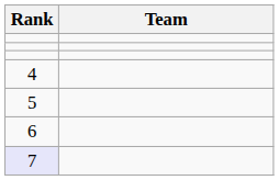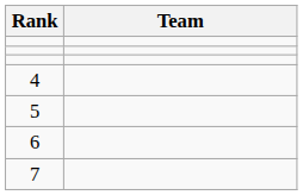 <table class="wikitable" style="text-align:center;">
 <tr>
 <th width=40>Rank</th>
 <th width=180>Team</th>
 </tr>
 <tr>
 <td></td>
 <td style="text-align:left;"></td>
 </tr>
 <tr>
 <td></td>
 <td style="text-align:left;"></td>
 </tr>
 <tr>
 <td></td>
 <td style="text-align:left;"></td>
 </tr>
 <tr>
 <td>4</td>
 <td style="text-align:left;"></td>
 </tr>
 <tr>
 <td>5</td>
 <td style="text-align:left;"></td>
 </tr>
 <tr>
 <td>6</td>
 <td style="text-align:left;"></td>
 </tr>
 <tr>
-<td style="background: lavender;">7</td>
+<td>7</td>
 <td style="text-align:left;"></td>
 </tr>
 </table>
